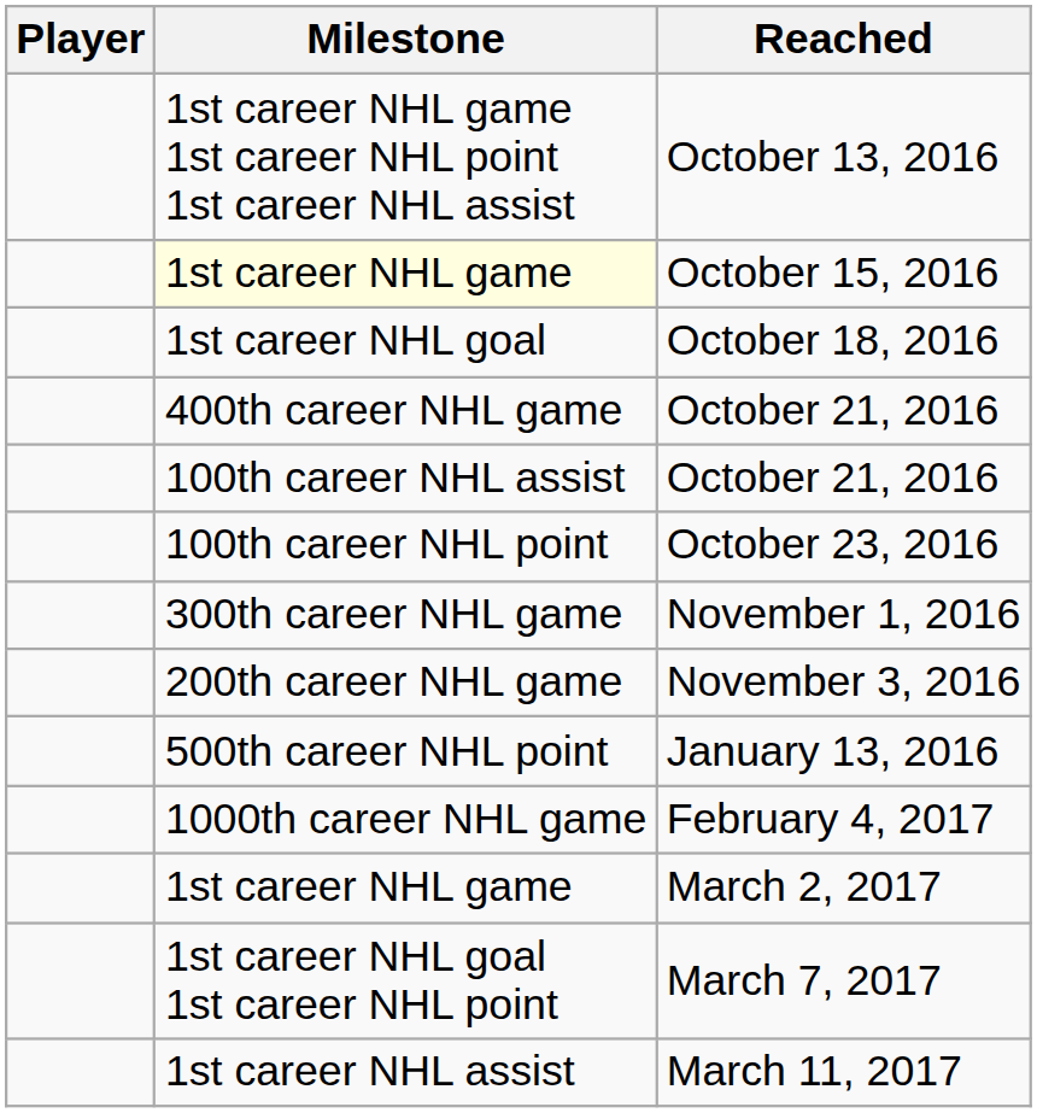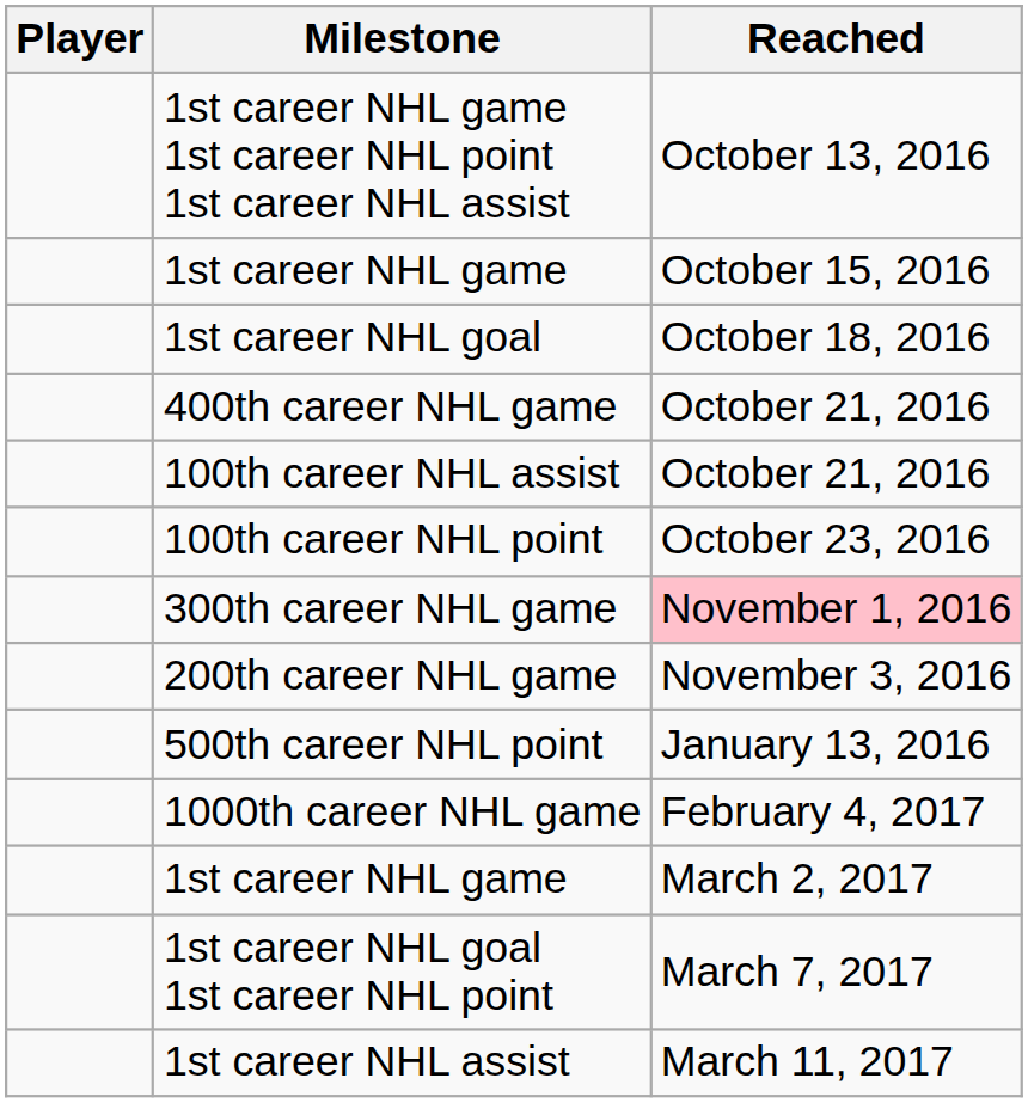 <table class="wikitable">
 <tr align=center>
 <th scope="col">Player</th>
 <th scope="col">Milestone</th>
 <th scope="col" data-sort-type="date">Reached</th>
 </tr>
 <tr>
 <td></td>
 <td>1st career NHL game<br>1st career NHL point<br>1st career NHL assist</td>
 <td>October 13, 2016</td>
 </tr>
 <tr>
 <td></td>
-<td style="background: lightyellow;">1st career NHL game</td>
+<td>1st career NHL game</td>
 <td>October 15, 2016</td>
 </tr>
 <tr>
 <td></td>
 <td>1st career NHL goal</td>
 <td>October 18, 2016</td>
 </tr>
 <tr>
 <td></td>
 <td>400th career NHL game</td>
 <td>October 21, 2016</td>
 </tr>
 <tr>
 <td></td>
 <td>100th career NHL assist</td>
 <td>October 21, 2016</td>
 </tr>
 <tr>
 <td></td>
 <td>100th career NHL point</td>
 <td>October 23, 2016</td>
 </tr>
 <tr>
 <td></td>
 <td>300th career NHL game</td>
-<td>November 1, 2016</td>
+<td style="background: pink;">November 1, 2016</td>
 </tr>
 <tr>
 <td></td>
 <td>200th career NHL game</td>
 <td>November 3, 2016</td>
 </tr>
 <tr>
 <td></td>
 <td>500th career NHL point</td>
 <td>January 13, 2016</td>
 </tr>
 <tr>
 <td></td>
 <td>1000th career NHL game</td>
 <td>February 4, 2017</td>
 </tr>
 <tr>
 <td></td>
 <td>1st career NHL game</td>
 <td>March 2, 2017</td>
 </tr>
 <tr>
 <td></td>
 <td>1st career NHL goal<br>1st career NHL point</td>
 <td>March 7, 2017</td>
 </tr>
 <tr>
 <td></td>
 <td>1st career NHL assist</td>
 <td>March 11, 2017</td>
 </tr>
 </table>
